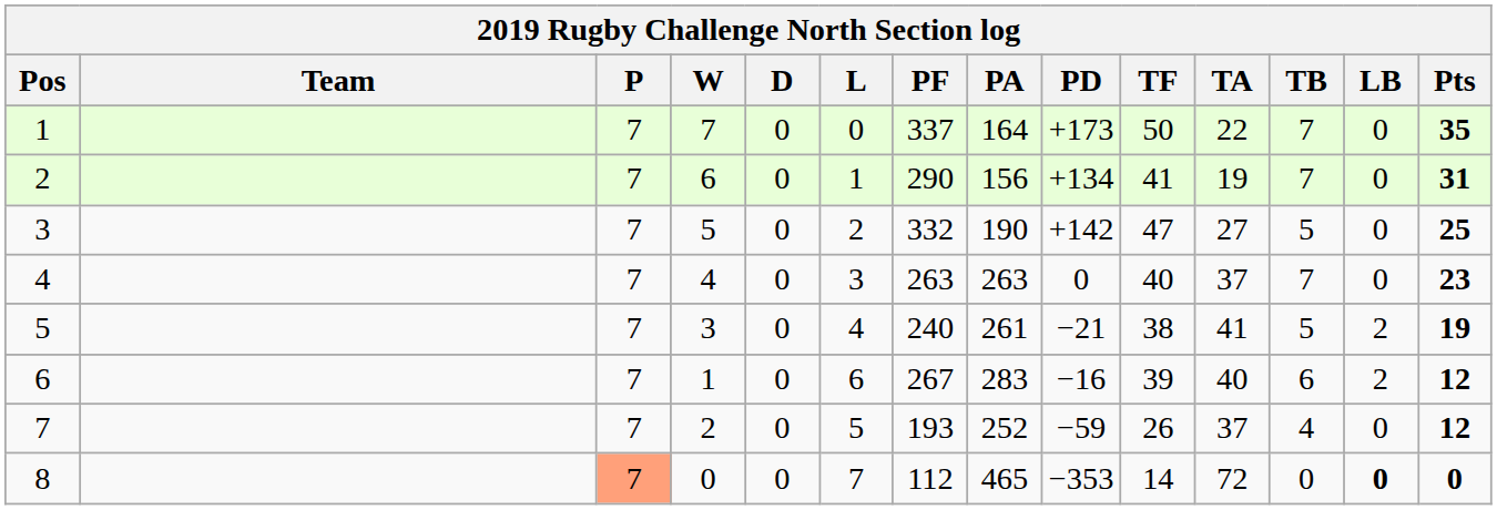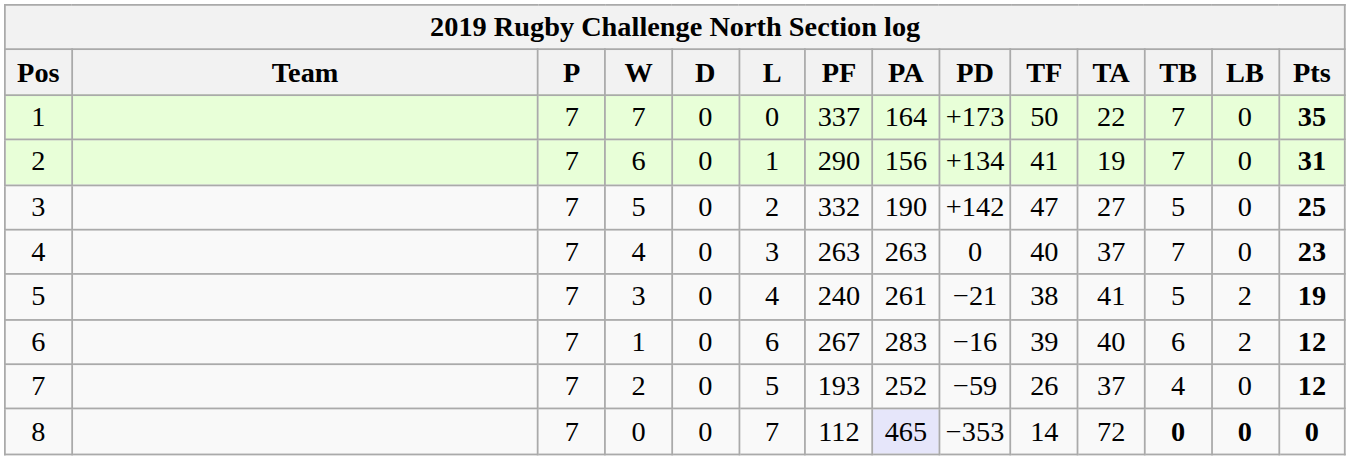 <table class="wikitable" style="text-align:center; font-size:100%; width:60%;">
 <tr>
 <th colspan="100%" cellpadding="0" cellspacing="0"><strong>2019 Rugby Challenge North Section log</strong></th>
 </tr>
 <tr>
 <th style="width:5%;">Pos</th>
 <th style="width:35%;">Team</th>
 <th style="width:5%;">P</th>
 <th style="width:5%;">W</th>
 <th style="width:5%;">D</th>
 <th style="width:5%;">L</th>
 <th style="width:5%;">PF</th>
 <th style="width:5%;">PA</th>
 <th style="width:5%;">PD</th>
 <th style="width:5%;">TF</th>
 <th style="width:5%;">TA</th>
 <th style="width:5%;">TB</th>
 <th style="width:5%;">LB</th>
 <th style="width:5%;">Pts<br></th>
 </tr>
 <tr style="background:#E8FFD8;">
 <td>1</td>
 <td style="text-align:left"></td>
 <td>7</td>
 <td>7</td>
 <td>0</td>
 <td>0</td>
 <td>337</td>
 <td>164</td>
 <td>+173</td>
 <td>50</td>
 <td>22</td>
 <td>7</td>
 <td>0</td>
 <td><strong>35</strong></td>
 </tr>
 <tr style="background:#E8FFD8;">
 <td>2</td>
 <td style="text-align:left"></td>
 <td>7</td>
 <td>6</td>
 <td>0</td>
 <td>1</td>
 <td>290</td>
 <td>156</td>
 <td>+134</td>
 <td>41</td>
 <td>19</td>
 <td>7</td>
 <td>0</td>
 <td><strong>31</strong></td>
 </tr>
 <tr>
 <td>3</td>
 <td style="text-align:left"></td>
 <td>7</td>
 <td>5</td>
 <td>0</td>
 <td>2</td>
 <td>332</td>
 <td>190</td>
 <td>+142</td>
 <td>47</td>
 <td>27</td>
 <td>5</td>
 <td>0</td>
 <td><strong>25</strong></td>
 </tr>
 <tr>
 <td>4</td>
 <td style="text-align:left"></td>
 <td>7</td>
 <td>4</td>
 <td>0</td>
 <td>3</td>
 <td>263</td>
 <td>263</td>
 <td>0</td>
 <td>40</td>
 <td>37</td>
 <td>7</td>
 <td>0</td>
 <td><strong>23</strong></td>
 </tr>
 <tr>
 <td>5</td>
 <td style="text-align:left"></td>
 <td>7</td>
 <td>3</td>
 <td>0</td>
 <td>4</td>
 <td>240</td>
 <td>261</td>
 <td>−21</td>
 <td>38</td>
 <td>41</td>
 <td>5</td>
 <td>2</td>
 <td><strong>19</strong></td>
 </tr>
 <tr>
 <td>6</td>
 <td style="text-align:left"></td>
 <td>7</td>
 <td>1</td>
 <td>0</td>
 <td>6</td>
 <td>267</td>
 <td>283</td>
 <td>−16</td>
 <td>39</td>
 <td>40</td>
 <td>6</td>
 <td>2</td>
 <td><strong>12</strong></td>
 </tr>
 <tr>
 <td>7</td>
 <td style="text-align:left"></td>
 <td>7</td>
 <td>2</td>
 <td>0</td>
 <td>5</td>
 <td>193</td>
 <td>252</td>
 <td>−59</td>
 <td>26</td>
 <td>37</td>
 <td>4</td>
 <td>0</td>
 <td><strong>12</strong></td>
 </tr>
 <tr>
 <td>8</td>
 <td style="text-align:left"></td>
-<td style="background: lightsalmon;">7</td>
+<td>7</td>
 <td>0</td>
 <td>0</td>
 <td>7</td>
 <td>112</td>
-<td>465</td>
+<td style="background: lavender;">465</td>
 <td>−353</td>
 <td>14</td>
 <td>72</td>
-<td>0</td>
+<td><strong>0</strong></td>
 <td><strong>0</strong></td>
 <td><strong>0</strong></td>
 </tr>
 </table>
